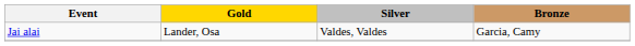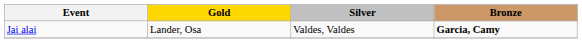 <table class="wikitable" style="max-width: 23cm; width: 100%">
 <tr>
 <th scope="col">Event</th>
 <th scope="col" style="background-color:gold; width:25%">Gold</th>
 <th scope="col" style="background-color:silver; width:25%; width:25%">Silver</th>
 <th scope="col" style="background-color:#cc9966; width:25%">Bronze</th>
 </tr>
 <tr>
 <td><a href='#'>Jai alai</a></td>
 <td> Lander, Osa</td>
 <td> Valdes, Valdes</td>
-<td> Garcia, Camy</td>
+<td><strong> Garcia, Camy</strong></td>
 </tr>
 <tr>
 </tr>
 </table>
